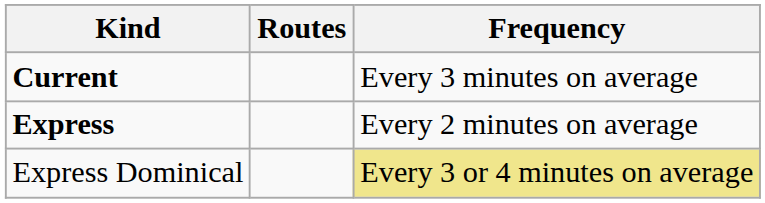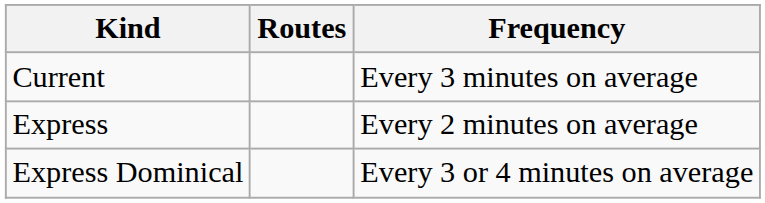 <table class="wikitable" style="margin:1em auto;">
 <tr>
 <th>Kind</th>
 <th>Routes</th>
 <th>Frequency</th>
 </tr>
 <tr>
-<td><strong>Current</strong></td>
+<td>Current</td>
 <td>  </td>
 <td>Every 3 minutes on average</td>
 </tr>
 <tr>
-<td><strong>Express</strong></td>
+<td>Express</td>
 <td></td>
 <td>Every 2 minutes on average</td>
 </tr>
 <tr>
 <td>Express Dominical</td>
 <td></td>
-<td style="background: khaki;">Every 3 or 4 minutes on average</td>
+<td>Every 3 or 4 minutes on average</td>
 </tr>
 </table>
